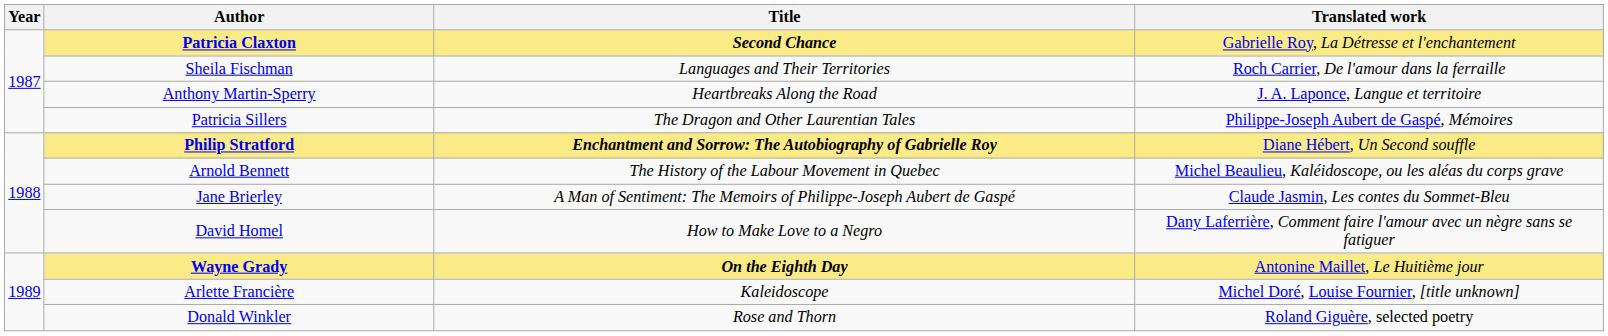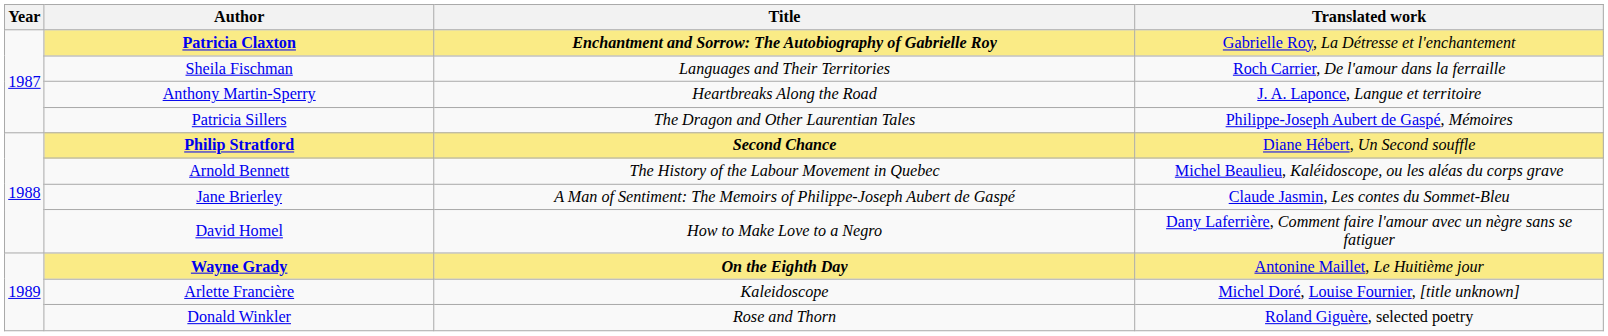 <table class="wikitable" width="100%">
 <tr>
 <th>Year</th>
 <th width="25%">Author</th>
 <th width="45%">Title</th>
 <th width="30%">Translated work</th>
 </tr>
 <tr>
 <td align="center" rowspan="4"><a href='#'>1987</a></td>
 <td align="center" style="background:#FAEB86"><strong><a href='#'>Patricia Claxton</a></strong></td>
-<td align="center" style="background:#FAEB86"><strong><em>Second Chance</em></strong></td>
+<td align="center" style="background:#FAEB86"><strong><em>Enchantment and Sorrow: The Autobiography of Gabrielle Roy</em></strong></td>
 <td align="center" style="background:#FAEB86"><a href='#'>Gabrielle Roy</a>, <em>La Détresse et l'enchantement</em></td>
 </tr>
 <tr>
 <td align="center"><a href='#'>Sheila Fischman</a></td>
 <td align="center"><em>Languages and Their Territories</em></td>
 <td align="center"><a href='#'>Roch Carrier</a>, <em>De l'amour dans la ferraille</em></td>
 </tr>
 <tr>
 <td align="center"><a href='#'>Anthony Martin-Sperry</a></td>
 <td align="center"><em>Heartbreaks Along the Road</em></td>
 <td align="center"><a href='#'>J. A. Laponce</a>, <em>Langue et territoire</em></td>
 </tr>
 <tr>
 <td align="center"><a href='#'>Patricia Sillers</a></td>
 <td align="center"><em>The Dragon and Other Laurentian Tales</em></td>
 <td align="center"><a href='#'>Philippe-Joseph Aubert de Gaspé</a>, <em>Mémoires</em></td>
 </tr>
 <tr>
 <td align="center" rowspan="4"><a href='#'>1988</a></td>
 <td align="center" style="background:#FAEB86"><strong><a href='#'>Philip Stratford</a></strong></td>
-<td align="center" style="background:#FAEB86"><strong><em>Enchantment and Sorrow: The Autobiography of Gabrielle Roy</em></strong></td>
+<td align="center" style="background:#FAEB86"><strong><em>Second Chance</em></strong></td>
 <td align="center" style="background:#FAEB86"><a href='#'>Diane Hébert</a>, <em>Un Second souffle</em></td>
 </tr>
 <tr>
 <td align="center"><a href='#'>Arnold Bennett</a></td>
 <td align="center"><em>The History of the Labour Movement in Quebec</em></td>
 <td align="center"><a href='#'>Michel Beaulieu</a>, <em>Kaléidoscope, ou les aléas du corps grave</em></td>
 </tr>
 <tr>
 <td align="center"><a href='#'>Jane Brierley</a></td>
 <td align="center"><em>A Man of Sentiment: The Memoirs of Philippe-Joseph Aubert de Gaspé</em></td>
 <td align="center"><a href='#'>Claude Jasmin</a>, <em>Les contes du Sommet-Bleu</em></td>
 </tr>
 <tr>
 <td align="center"><a href='#'>David Homel</a></td>
 <td align="center"><em>How to Make Love to a Negro</em></td>
 <td align="center"><a href='#'>Dany Laferrière</a>, <em>Comment faire l'amour avec un nègre sans se fatiguer</em></td>
 </tr>
 <tr>
 <td align="center" rowspan="3"><a href='#'>1989</a></td>
 <td align="center" style="background:#FAEB86"><strong><a href='#'>Wayne Grady</a></strong></td>
 <td align="center" style="background:#FAEB86"><strong><em>On the Eighth Day</em></strong></td>
 <td align="center" style="background:#FAEB86"><a href='#'>Antonine Maillet</a>, <em>Le Huitième jour</em></td>
 </tr>
 <tr>
 <td align="center"><a href='#'>Arlette Francière</a></td>
 <td align="center"><em>Kaleidoscope</em></td>
 <td align="center"><a href='#'>Michel Doré</a>, <a href='#'>Louise Fournier</a>, <em>[title unknown]</em></td>
 </tr>
 <tr>
 <td align="center"><a href='#'>Donald Winkler</a></td>
 <td align="center"><em>Rose and Thorn</em></td>
 <td align="center"><a href='#'>Roland Giguère</a>, selected poetry</td>
 </tr>
 </table>
